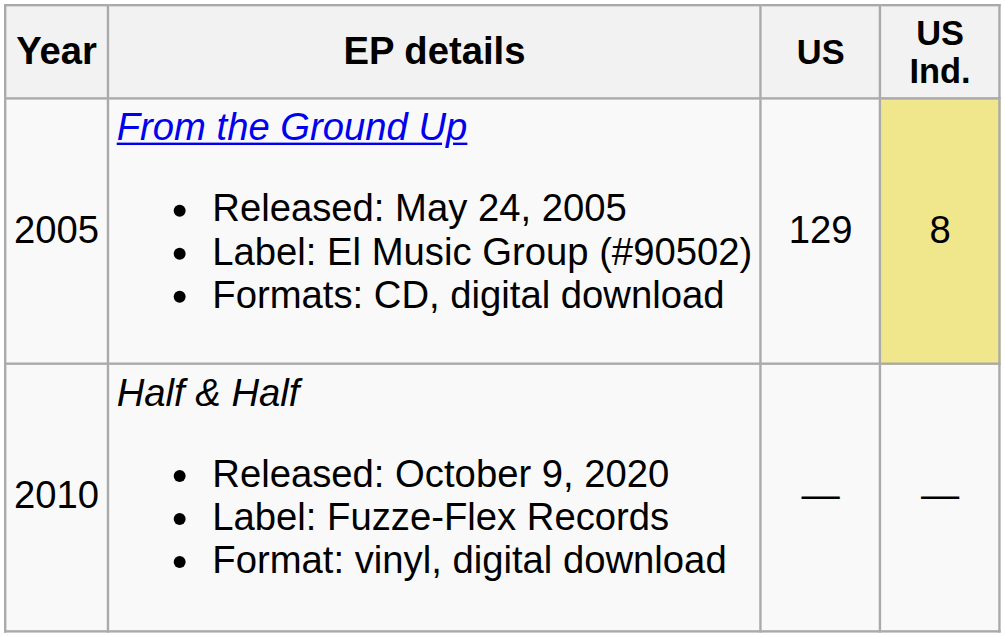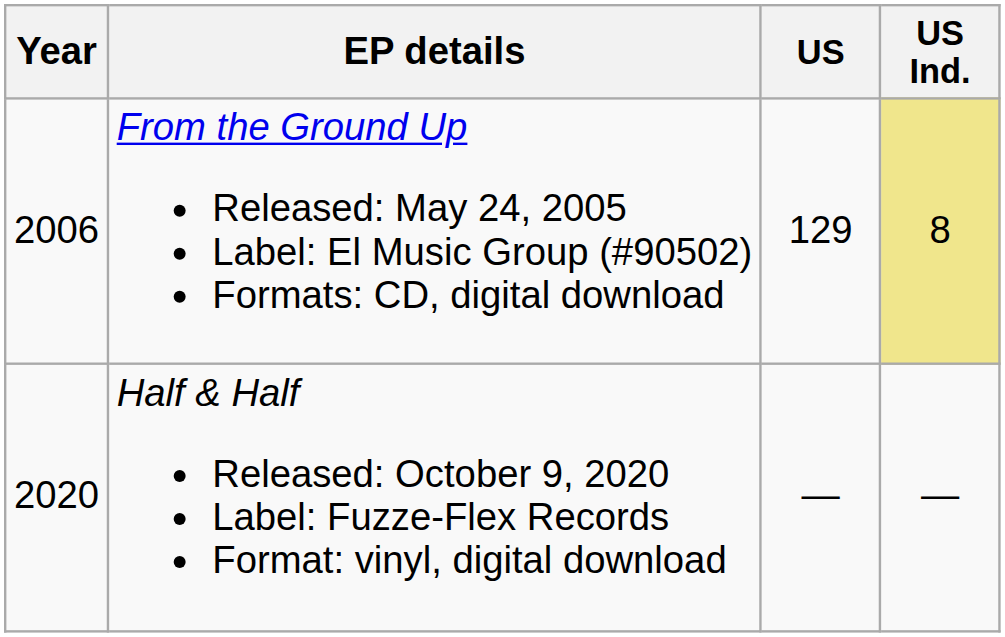 <table class="wikitable">
 <tr>
 <th>Year</th>
 <th>EP details</th>
 <th style="width:3em;font-size:90%">US<br></th>
 <th style="width:3em;font-size:90%">US<br>Ind.<br></th>
 </tr>
 <tr>
-<td>2005</td>
+<td>2006</td>
 <td align="left"><em><a href='#'>From the Ground Up</a></em><br><ul><li>Released: May 24, 2005</li><li>Label: El Music Group (#90502)</li><li>Formats: CD, digital download</li></ul></td>
 <td align="center">129</td>
 <td align="center" style="background: khaki;">8</td>
 </tr>
 <tr>
-<td>2010</td>
+<td>2020</td>
 <td align="left"><em>Half & Half</em><br><ul><li>Released: October 9, 2020</li><li>Label: Fuzze-Flex Records</li><li>Format: vinyl, digital download</li></ul></td>
 <td align="center">—</td>
 <td align="center">—</td>
 </tr>
 </table>
